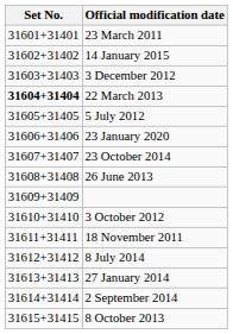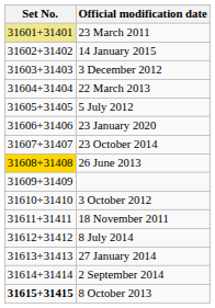 <table class="wikitable">
 <tr>
 <th>Set No.</th>
 <th>Official modification date</th>
 </tr>
 <tr>
-<td>31601+31401</td>
+<td style="background: khaki;">31601+31401</td>
 <td>23 March 2011</td>
 </tr>
 <tr>
 <td>31602+31402</td>
 <td>14 January 2015</td>
 </tr>
 <tr>
 <td>31603+31403</td>
 <td>3 December 2012</td>
 </tr>
 <tr>
-<td><strong>31604+31404</strong></td>
+<td>31604+31404</td>
 <td>22 March 2013</td>
 </tr>
 <tr>
 <td>31605+31405</td>
 <td>5 July 2012</td>
 </tr>
 <tr>
 <td>31606+31406</td>
 <td>23 January 2020</td>
 </tr>
 <tr>
 <td>31607+31407</td>
 <td>23 October 2014</td>
 </tr>
 <tr>
-<td>31608+31408</td>
+<td style="background: gold;">31608+31408</td>
 <td>26 June 2013</td>
 </tr>
 <tr>
 <td>31609+31409</td>
 <td></td>
 </tr>
 <tr>
 <td>31610+31410</td>
 <td>3 October 2012</td>
 </tr>
 <tr>
 <td>31611+31411</td>
 <td>18 November 2011</td>
 </tr>
 <tr>
 <td>31612+31412</td>
 <td>8 July 2014</td>
 </tr>
 <tr>
 <td>31613+31413</td>
 <td>27 January 2014</td>
 </tr>
 <tr>
 <td>31614+31414</td>
 <td>2 September 2014</td>
 </tr>
 <tr>
-<td>31615+31415</td>
+<td><strong>31615+31415</strong></td>
 <td>8 October 2013</td>
 </tr>
 </table>
